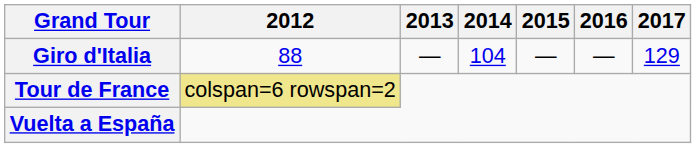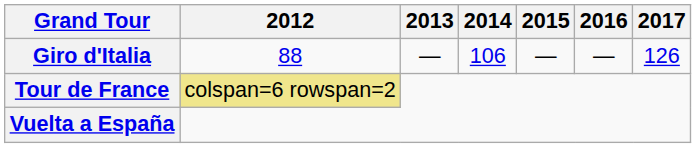 <table class="wikitable plainrowheaders">
 <tr>
 <th scope="col"><a href='#'>Grand Tour</a></th>
 <th scope="col">2012</th>
 <th scope="col">2013</th>
 <th scope="col">2014</th>
 <th scope="col">2015</th>
 <th scope="col">2016</th>
 <th scope="col">2017</th>
 </tr>
 <tr style="text-align:center;">
 <th scope="row"> <a href='#'>Giro d'Italia</a></th>
 <td><a href='#'>88</a></td>
 <td>—</td>
-<td><a href='#'>104</a></td>
+<td><a href='#'>106</a></td>
 <td>—</td>
 <td>—</td>
-<td><a href='#'>129</a></td>
+<td><a href='#'>126</a></td>
 </tr>
 <tr style="text-align:center;">
 <th scope="row"> <a href='#'>Tour de France</a></th>
 <td style="background: khaki;">colspan=6 rowspan=2 </td>
 </tr>
 <tr style="text-align:center;">
 <th scope="row"> <a href='#'>Vuelta a España</a></th>
 </tr>
 </table>
